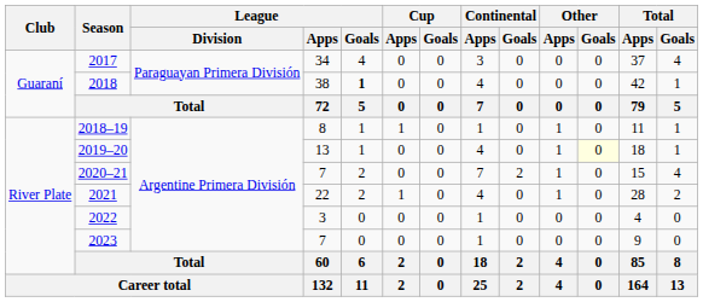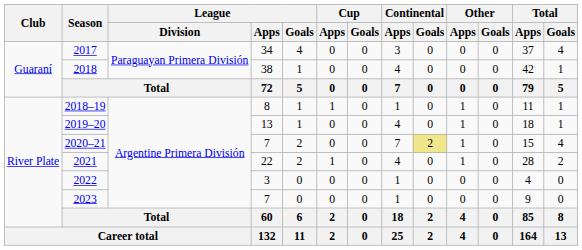 <table class="wikitable" style="text-align:center">
 <tr>
 <th rowspan="2">Club</th>
 <th rowspan="2">Season</th>
 <th colspan="3">League</th>
 <th colspan="2">Cup</th>
 <th colspan="2">Continental</th>
 <th colspan="2">Other</th>
 <th colspan="2">Total</th>
 </tr>
 <tr>
 <th>Division</th>
 <th>Apps</th>
 <th>Goals</th>
 <th>Apps</th>
 <th>Goals</th>
 <th>Apps</th>
 <th>Goals</th>
 <th>Apps</th>
 <th>Goals</th>
 <th>Apps</th>
 <th>Goals</th>
 </tr>
 <tr>
 <td rowspan="3"><a href='#'>Guaraní</a></td>
 <td><a href='#'>2017</a></td>
 <td rowspan="2"><a href='#'>Paraguayan Primera División</a></td>
 <td>34</td>
 <td>4</td>
 <td>0</td>
 <td>0</td>
 <td>3</td>
 <td>0</td>
 <td>0</td>
 <td>0</td>
 <td>37</td>
 <td>4</td>
 </tr>
 <tr>
 <td><a href='#'>2018</a></td>
 <td>38</td>
-<td><strong>1</strong></td>
+<td>1</td>
 <td>0</td>
 <td>0</td>
 <td>4</td>
 <td>0</td>
 <td>0</td>
 <td>0</td>
 <td>42</td>
 <td>1</td>
 </tr>
 <tr>
 <th colspan="2">Total</th>
 <th>72</th>
 <th>5</th>
 <th>0</th>
 <th>0</th>
 <th>7</th>
 <th>0</th>
 <th>0</th>
 <th>0</th>
 <th>79</th>
 <th>5</th>
 </tr>
 <tr>
 <td rowspan="7"><a href='#'>River Plate</a></td>
 <td><a href='#'>2018–19</a></td>
 <td rowspan="6"><a href='#'>Argentine Primera División</a></td>
 <td>8</td>
 <td>1</td>
 <td>1</td>
 <td>0</td>
 <td>1</td>
 <td>0</td>
 <td>1</td>
 <td>0</td>
 <td>11</td>
 <td>1</td>
 </tr>
 <tr>
 <td><a href='#'>2019–20</a></td>
 <td>13</td>
 <td>1</td>
 <td>0</td>
 <td>0</td>
 <td>4</td>
 <td>0</td>
 <td>1</td>
-<td style="background: lightyellow;">0</td>
+<td>0</td>
 <td>18</td>
 <td>1</td>
 </tr>
 <tr>
 <td><a href='#'>2020–21</a></td>
 <td>7</td>
 <td>2</td>
 <td>0</td>
 <td>0</td>
 <td>7</td>
-<td>2</td>
+<td style="background: khaki;">2</td>
 <td>1</td>
 <td>0</td>
 <td>15</td>
 <td>4</td>
 </tr>
 <tr>
 <td><a href='#'>2021</a></td>
 <td>22</td>
 <td>2</td>
 <td>1</td>
 <td>0</td>
 <td>4</td>
 <td>0</td>
 <td>1</td>
 <td>0</td>
 <td>28</td>
 <td>2</td>
 </tr>
 <tr>
 <td><a href='#'>2022</a></td>
 <td>3</td>
 <td>0</td>
 <td>0</td>
 <td>0</td>
 <td>1</td>
 <td>0</td>
 <td>0</td>
 <td>0</td>
 <td>4</td>
 <td>0</td>
 </tr>
 <tr>
 <td><a href='#'>2023</a></td>
 <td>7</td>
 <td>0</td>
 <td>0</td>
 <td>0</td>
 <td>1</td>
 <td>0</td>
 <td>0</td>
 <td>0</td>
 <td>9</td>
 <td>0</td>
 </tr>
 <tr>
 <th colspan="2">Total</th>
 <th>60</th>
 <th>6</th>
 <th>2</th>
 <th>0</th>
 <th>18</th>
 <th>2</th>
 <th>4</th>
 <th>0</th>
 <th>85</th>
 <th>8</th>
 </tr>
 <tr>
 <th colspan="3">Career total</th>
 <th>132</th>
 <th>11</th>
 <th>2</th>
 <th>0</th>
 <th>25</th>
 <th>2</th>
 <th>4</th>
 <th>0</th>
 <th>164</th>
 <th>13</th>
 </tr>
 </table>
